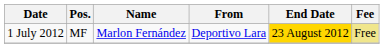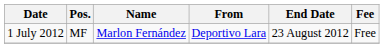 <table class="wikitable">
 <tr>
 <th>Date</th>
 <th>Pos.</th>
 <th>Name</th>
 <th>From</th>
 <th>End Date</th>
 <th>Fee</th>
 </tr>
 <tr>
 <td>1 July 2012</td>
 <td>MF</td>
 <td> <a href='#'>Marlon Fernández</a></td>
 <td> <a href='#'>Deportivo Lara</a></td>
-<td style="background: gold;">23 August 2012</td>
-<td style="background: khaki;">Free</td>
+<td>23 August 2012</td>
+<td>Free</td>
 </tr>
 <tr>
 </tr>
 </table>
